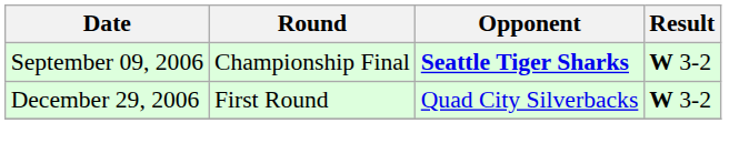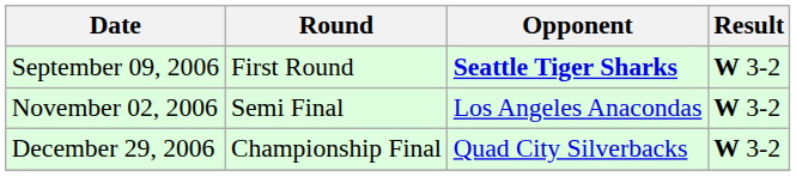 <table class="wikitable">
 <tr>
 <th>Date</th>
 <th>Round</th>
 <th>Opponent</th>
 <th>Result</th>
 </tr>
 <tr style="background: #ddffdd;">
 <td>September 09, 2006</td>
-<td>Championship Final</td>
+<td>First Round</td>
 <td><strong><a href='#'>Seattle Tiger Sharks</a></strong></td>
 <td><strong>W</strong> 3-2</td>
 </tr>
 <tr style="background: #ddffdd;">
+<td>November 02, 2006</td>
+<td>Semi Final</td>
+<td><a href='#'>Los Angeles Anacondas</a></td>
+<td><strong>W</strong> 3-2</td>
+</tr>
+<tr style="background: #ddffdd;">
 <td>December 29, 2006</td>
-<td>First Round</td>
+<td>Championship Final</td>
 <td><a href='#'>Quad City Silverbacks</a></td>
 <td><strong>W</strong> 3-2</td>
 </tr>
 <tr style="background: #ddffdd;">
 </tr>
 </table>
